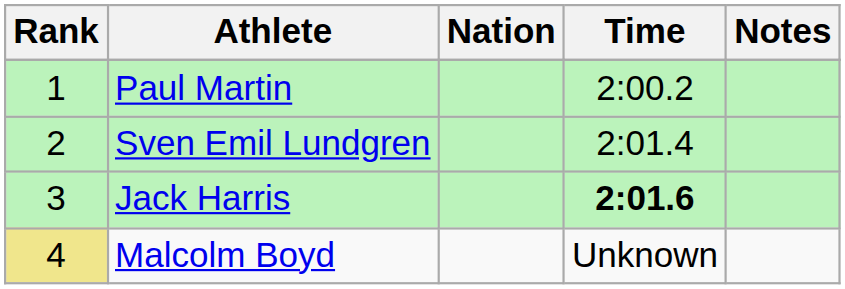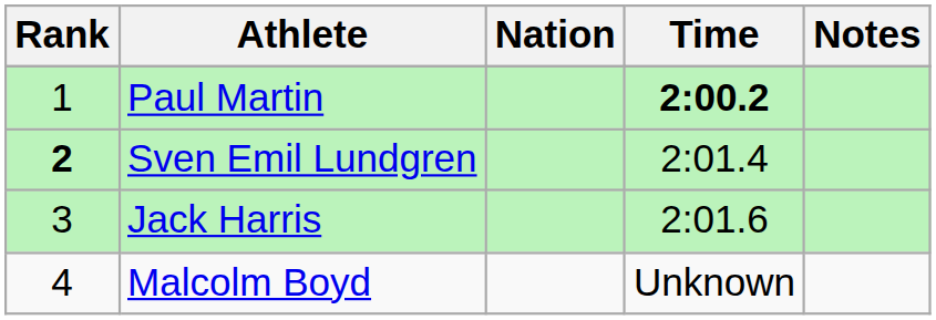 <table class="wikitable sortable" style="text-align:center">
 <tr>
 <th>Rank</th>
 <th>Athlete</th>
 <th>Nation</th>
 <th>Time</th>
 <th>Notes</th>
 </tr>
 <tr>
 </tr>
 <tr bgcolor=bbf3bb>
 <td>1</td>
 <td align=left><a href='#'>Paul Martin</a></td>
 <td align=left></td>
-<td>2:00.2</td>
+<td><strong>2:00.2</strong></td>
 <td></td>
 </tr>
 <tr bgcolor=bbf3bb>
-<td>2</td>
+<td><strong>2</strong></td>
 <td align=left><a href='#'>Sven Emil Lundgren</a></td>
 <td align=left></td>
 <td>2:01.4</td>
 <td></td>
 </tr>
 <tr bgcolor=bbf3bb>
 <td>3</td>
 <td align=left><a href='#'>Jack Harris</a></td>
 <td align=left></td>
-<td><strong>2:01.6</strong></td>
+<td>2:01.6</td>
 <td></td>
 </tr>
 <tr>
-<td style="background: khaki;">4</td>
+<td>4</td>
 <td align=left><a href='#'>Malcolm Boyd</a></td>
 <td align=left></td>
 <td data-sort-value=3:00.0>Unknown</td>
 <td></td>
 </tr>
 </table>
